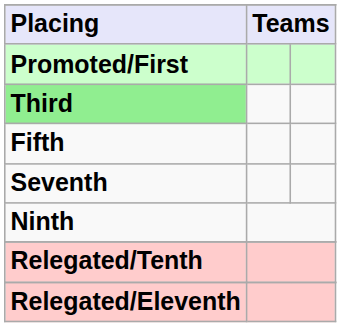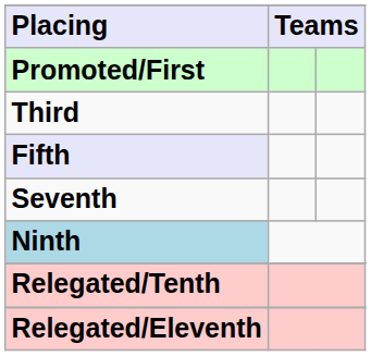 <table class=wikitable>
 <tr>
 </tr>
 <tr style="background: #E6E6FA;">
 <td><strong>Placing</strong></td>
 <td colspan="4" style="text-align:center"><strong>Teams</strong></td>
 </tr>
 <tr style="background: #ccffcc;">
 <td><strong>Promoted/First</strong></td>
 <td><strong></strong></td>
 <td><strong></strong></td>
 </tr>
 <tr>
-<td style="background: lightgreen;"><strong>Third</strong></td>
+<td><strong>Third</strong></td>
 <td></td>
 <td></td>
 </tr>
 <tr>
-<td><strong>Fifth</strong></td>
+<td style="background: lavender;"><strong>Fifth</strong></td>
 <td></td>
 <td></td>
 </tr>
 <tr>
 <td><strong>Seventh</strong></td>
 <td></td>
 <td></td>
 </tr>
 <tr>
-<td><strong>Ninth</strong></td>
+<td style="background: lightblue;"><strong>Ninth</strong></td>
 <td colspan=2></td>
 </tr>
 <tr>
 </tr>
 <tr style="background: #ffcccc;">
 <td><strong>Relegated/Tenth</strong></td>
 <td colspan=2><em></em></td>
 </tr>
 <tr>
 </tr>
 <tr style="background: #ffcccc;">
 <td><strong>Relegated/Eleventh</strong></td>
 <td colspan=2><em></em></td>
 </tr>
 </table>
